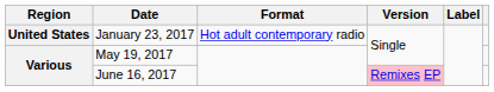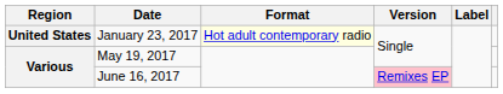 <table class="wikitable plainrowheaders">
 <tr>
 <th>Region</th>
 <th>Date</th>
 <th>Format</th>
 <th>Version</th>
 <th>Label</th>
 <th></th>
 </tr>
 <tr>
 <th scope="row">United States</th>
 <td>January 23, 2017</td>
-<td><a href='#'>Hot adult contemporary</a> radio</td>
+<td style="background: lightyellow;"><a href='#'>Hot adult contemporary</a> radio</td>
 <td rowspan="2">Single</td>
 <td rowspan="3"></td>
 <td></td>
 </tr>
 <tr>
 <th scope="row" rowspan="2">Various</th>
 <td>May 19, 2017</td>
 <td rowspan="2"></td>
 <td></td>
 </tr>
 <tr>
 <td>June 16, 2017</td>
 <td style="background: pink;"><a href='#'>Remixes</a> <a href='#'>EP</a></td>
 <td></td>
 </tr>
 </table>
